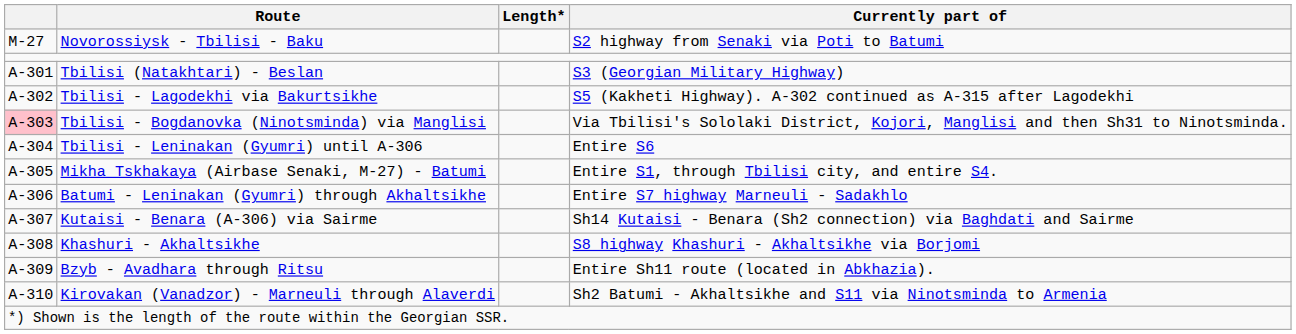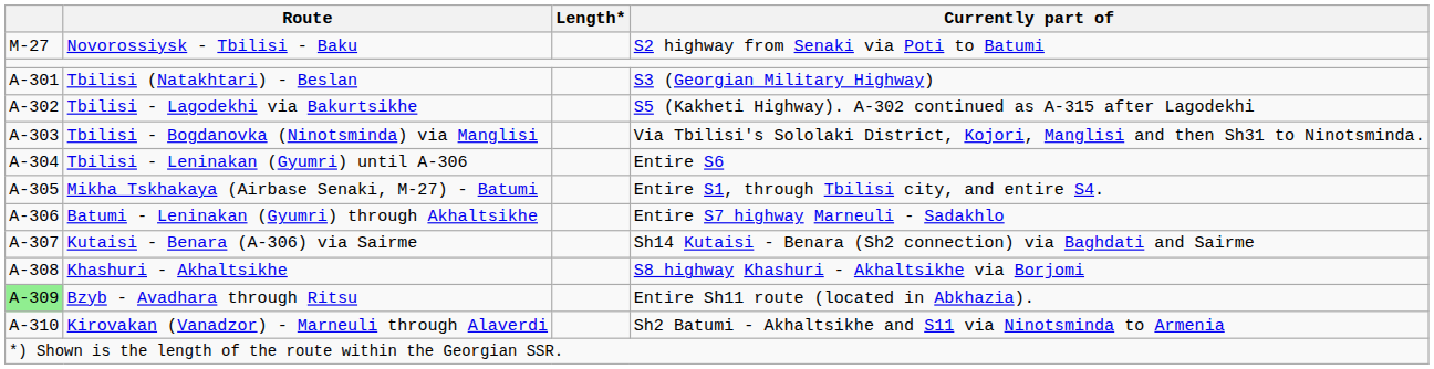 <table class="wikitable">
 <tr>
 <th></th>
 <th>Route</th>
 <th>Length*</th>
 <th>Currently part of</th>
 </tr>
 <tr>
 <td>M-27</td>
 <td><a href='#'>Novorossiysk</a> - <a href='#'>Tbilisi</a> - <a href='#'>Baku</a></td>
 <td></td>
 <td><a href='#'>S2</a> highway from <a href='#'>Senaki</a> via <a href='#'>Poti</a> to <a href='#'>Batumi</a></td>
 </tr>
 <tr>
 <td colspan=4></td>
 </tr>
 <tr>
 <td>A-301</td>
 <td><a href='#'>Tbilisi</a> (<a href='#'>Natakhtari</a>) - <a href='#'>Beslan</a></td>
 <td></td>
 <td><a href='#'>S3</a> (<a href='#'>Georgian Military Highway</a>)</td>
 </tr>
 <tr>
 <td>A-302</td>
 <td><a href='#'>Tbilisi</a> - <a href='#'>Lagodekhi</a> via <a href='#'>Bakurtsikhe</a></td>
 <td></td>
 <td><a href='#'>S5</a> (Kakheti Highway). A-302 continued as A-315 after Lagodekhi</td>
 </tr>
 <tr>
-<td style="background: pink;">A-303</td>
+<td>A-303</td>
 <td><a href='#'>Tbilisi</a> - <a href='#'>Bogdanovka</a> (<a href='#'>Ninotsminda</a>) via <a href='#'>Manglisi</a></td>
 <td></td>
 <td>Via Tbilisi's Sololaki District, <a href='#'>Kojori</a>, <a href='#'>Manglisi</a> and then Sh31 to Ninotsminda.</td>
 </tr>
 <tr>
 <td>A-304</td>
 <td><a href='#'>Tbilisi</a> - <a href='#'>Leninakan</a> (<a href='#'>Gyumri</a>) until A-306</td>
 <td></td>
 <td>Entire <a href='#'>S6</a></td>
 </tr>
 <tr>
 <td>A-305</td>
 <td><a href='#'>Mikha Tskhakaya</a> (Airbase Senaki, M-27) - <a href='#'>Batumi</a></td>
 <td></td>
 <td>Entire <a href='#'>S1</a>, through <a href='#'>Tbilisi</a> city, and entire <a href='#'>S4</a>.</td>
 </tr>
 <tr>
 <td>A-306</td>
 <td><a href='#'>Batumi</a> - <a href='#'>Leninakan</a> (<a href='#'>Gyumri</a>) through <a href='#'>Akhaltsikhe</a></td>
 <td></td>
 <td>Entire <a href='#'>S7 highway</a> <a href='#'>Marneuli</a> - <a href='#'>Sadakhlo</a></td>
 </tr>
 <tr>
 <td>A-307</td>
 <td><a href='#'>Kutaisi</a> - <a href='#'>Benara</a> (A-306) via Sairme</td>
 <td></td>
 <td>Sh14 <a href='#'>Kutaisi</a> - Benara (Sh2 connection) via <a href='#'>Baghdati</a> and Sairme</td>
 </tr>
 <tr>
 <td>A-308</td>
 <td><a href='#'>Khashuri</a> - <a href='#'>Akhaltsikhe</a></td>
 <td></td>
 <td><a href='#'>S8 highway</a> <a href='#'>Khashuri</a> - <a href='#'>Akhaltsikhe</a> via <a href='#'>Borjomi</a></td>
 </tr>
 <tr>
-<td>A-309</td>
+<td style="background: lightgreen;">A-309</td>
 <td><a href='#'>Bzyb</a> - <a href='#'>Avadhara</a> through <a href='#'>Ritsu</a></td>
 <td></td>
 <td>Entire Sh11 route (located in <a href='#'>Abkhazia</a>).</td>
 </tr>
 <tr>
 <td>A-310</td>
 <td><a href='#'>Kirovakan</a> (<a href='#'>Vanadzor</a>) - <a href='#'>Marneuli</a> through <a href='#'>Alaverdi</a></td>
 <td></td>
 <td>Sh2 Batumi - Akhaltsikhe and <a href='#'>S11</a> via <a href='#'>Ninotsminda</a> to <a href='#'>Armenia</a></td>
 </tr>
 <tr>
 <td colspan="4" style="font-size: 9pt;text-aling:left;">*) Shown is the length of the route within the Georgian SSR.</td>
 </tr>
 </table>
